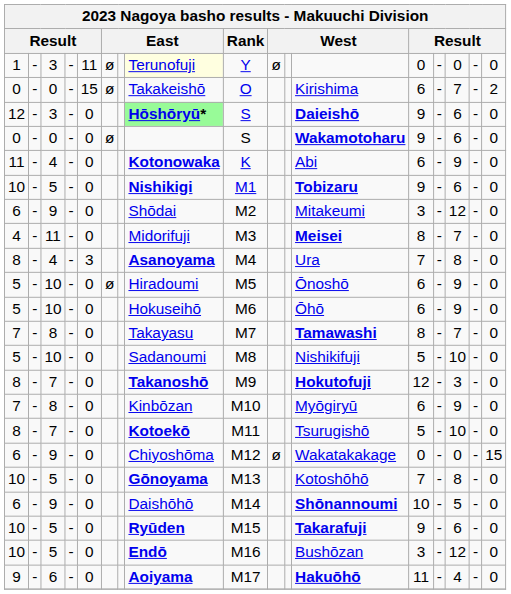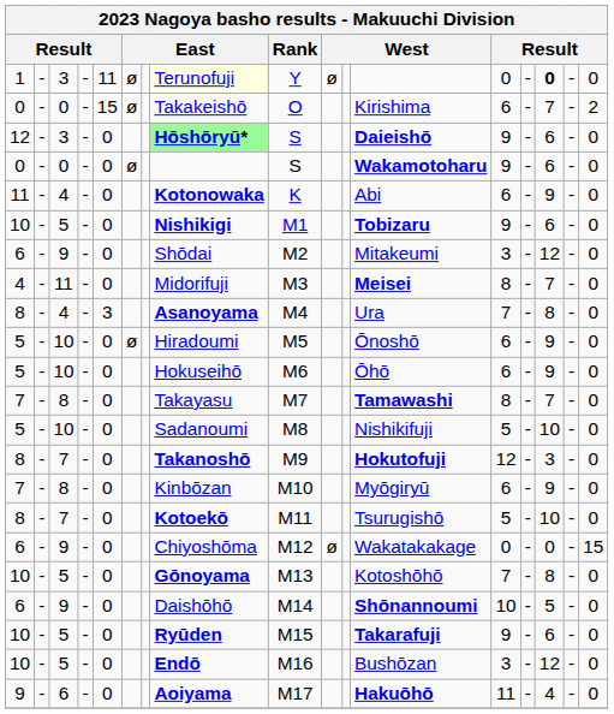 <table class="wikitable" style="text-align:center">
 <tr>
 <th colspan="17">2023 Nagoya basho results - Makuuchi Division</th>
 </tr>
 <tr>
 <th colspan="5">Result</th>
 <th colspan="3">East</th>
 <th>Rank</th>
 <th colspan="3">West</th>
 <th colspan="5">Result</th>
 </tr>
 <tr>
 <td>1</td>
 <td>-</td>
 <td>3</td>
 <td>-</td>
 <td>11</td>
 <td>ø</td>
 <td></td>
 <td style="background: lightyellow; text-align:left;"><a href='#'>Terunofuji</a></td>
 <td><a href='#'>Y</a></td>
 <td>ø</td>
 <td></td>
 <td></td>
 <td>0</td>
 <td>-</td>
-<td>0</td>
+<td><strong>0</strong></td>
 <td>-</td>
 <td>0</td>
 </tr>
 <tr>
 <td>0</td>
 <td>-</td>
 <td>0</td>
 <td>-</td>
 <td>15</td>
 <td>ø</td>
 <td></td>
 <td style="text-align:left;"><a href='#'>Takakeishō</a></td>
 <td><a href='#'>O</a></td>
 <td></td>
 <td></td>
 <td style="text-align:left;"><a href='#'>Kirishima</a></td>
 <td>6</td>
 <td>-</td>
 <td>7</td>
 <td>-</td>
 <td>2</td>
 </tr>
 <tr>
 <td>12</td>
 <td>-</td>
 <td>3</td>
 <td>-</td>
 <td>0</td>
 <td></td>
 <td></td>
 <td style="text-align:left;background: PaleGreen"><strong><a href='#'>Hōshōryū</a>*</strong></td>
 <td><a href='#'>S</a></td>
 <td></td>
 <td></td>
 <td style="text-align:left;"><strong><a href='#'>Daieishō</a></strong></td>
 <td>9</td>
 <td>-</td>
 <td>6</td>
 <td>-</td>
 <td>0</td>
 </tr>
 <tr>
 <td>0</td>
 <td>-</td>
 <td>0</td>
 <td>-</td>
 <td>0</td>
 <td>ø</td>
 <td></td>
 <td></td>
 <td>S</td>
 <td></td>
 <td></td>
 <td style="text-align:left;"><strong><a href='#'>Wakamotoharu</a></strong></td>
 <td>9</td>
 <td>-</td>
 <td>6</td>
 <td>-</td>
 <td>0</td>
 </tr>
 <tr>
 <td>11</td>
 <td>-</td>
 <td>4</td>
 <td>-</td>
 <td>0</td>
 <td></td>
 <td></td>
 <td style="text-align:left;"><strong><a href='#'>Kotonowaka</a></strong></td>
 <td><a href='#'>K</a></td>
 <td></td>
 <td></td>
 <td style="text-align:left;"><a href='#'>Abi</a></td>
 <td>6</td>
 <td>-</td>
 <td>9</td>
 <td>-</td>
 <td>0</td>
 </tr>
 <tr>
 <td>10</td>
 <td>-</td>
 <td>5</td>
 <td>-</td>
 <td>0</td>
 <td></td>
 <td></td>
 <td style="text-align:left;"><strong><a href='#'>Nishikigi</a></strong></td>
 <td><a href='#'>M1</a></td>
 <td></td>
 <td></td>
 <td style="text-align:left;"><strong><a href='#'>Tobizaru</a></strong></td>
 <td>9</td>
 <td>-</td>
 <td>6</td>
 <td>-</td>
 <td>0</td>
 </tr>
 <tr>
 <td>6</td>
 <td>-</td>
 <td>9</td>
 <td>-</td>
 <td>0</td>
 <td></td>
 <td></td>
 <td style="text-align:left;"><a href='#'>Shōdai</a></td>
 <td>M2</td>
 <td></td>
 <td></td>
 <td style="text-align:left;"><a href='#'>Mitakeumi</a></td>
 <td>3</td>
 <td>-</td>
 <td>12</td>
 <td>-</td>
 <td>0</td>
 </tr>
 <tr>
 <td>4</td>
 <td>-</td>
 <td>11</td>
 <td>-</td>
 <td>0</td>
 <td></td>
 <td></td>
 <td style="text-align:left;"><a href='#'>Midorifuji</a></td>
 <td>M3</td>
 <td></td>
 <td></td>
 <td style="text-align:left;"><strong><a href='#'>Meisei</a></strong></td>
 <td>8</td>
 <td>-</td>
 <td>7</td>
 <td>-</td>
 <td>0</td>
 </tr>
 <tr>
 <td>8</td>
 <td>-</td>
 <td>4</td>
 <td>-</td>
 <td>3</td>
 <td></td>
 <td></td>
 <td style="text-align:left;"><strong><a href='#'>Asanoyama</a></strong></td>
 <td>M4</td>
 <td></td>
 <td></td>
 <td style="text-align:left;"><a href='#'>Ura</a></td>
 <td>7</td>
 <td>-</td>
 <td>8</td>
 <td>-</td>
 <td>0</td>
 </tr>
 <tr>
 <td>5</td>
 <td>-</td>
 <td>10</td>
 <td>-</td>
 <td>0</td>
 <td>ø</td>
 <td></td>
 <td style="text-align:left;"><a href='#'>Hiradoumi</a></td>
 <td>M5</td>
 <td></td>
 <td></td>
 <td style="text-align:left;"><a href='#'>Ōnoshō</a></td>
 <td>6</td>
 <td>-</td>
 <td>9</td>
 <td>-</td>
 <td>0</td>
 </tr>
 <tr>
 <td>5</td>
 <td>-</td>
 <td>10</td>
 <td>-</td>
 <td>0</td>
 <td></td>
 <td></td>
 <td style="text-align:left;"><a href='#'>Hokuseihō</a></td>
 <td>M6</td>
 <td></td>
 <td></td>
 <td style="text-align:left;"><a href='#'>Ōhō</a></td>
 <td>6</td>
 <td>-</td>
 <td>9</td>
 <td>-</td>
 <td>0</td>
 </tr>
 <tr>
 <td>7</td>
 <td>-</td>
 <td>8</td>
 <td>-</td>
 <td>0</td>
 <td></td>
 <td></td>
 <td style="text-align:left;"><a href='#'>Takayasu</a></td>
 <td>M7</td>
 <td></td>
 <td></td>
 <td style="text-align:left;"><strong><a href='#'>Tamawashi</a></strong></td>
 <td>8</td>
 <td>-</td>
 <td>7</td>
 <td>-</td>
 <td>0</td>
 </tr>
 <tr>
 <td>5</td>
 <td>-</td>
 <td>10</td>
 <td>-</td>
 <td>0</td>
 <td></td>
 <td></td>
 <td style="text-align:left;"><a href='#'>Sadanoumi</a></td>
 <td>M8</td>
 <td></td>
 <td></td>
 <td style="text-align:left;"><a href='#'>Nishikifuji</a></td>
 <td>5</td>
 <td>-</td>
 <td>10</td>
 <td>-</td>
 <td>0</td>
 </tr>
 <tr>
 <td>8</td>
 <td>-</td>
 <td>7</td>
 <td>-</td>
 <td>0</td>
 <td></td>
 <td></td>
 <td style="text-align:left;"><strong><a href='#'>Takanoshō</a></strong></td>
 <td>M9</td>
 <td></td>
 <td></td>
 <td style="text-align:left;"><strong><a href='#'>Hokutofuji</a></strong></td>
 <td>12</td>
 <td>-</td>
 <td>3</td>
 <td>-</td>
 <td>0</td>
 </tr>
 <tr>
 <td>7</td>
 <td>-</td>
 <td>8</td>
 <td>-</td>
 <td>0</td>
 <td></td>
 <td></td>
 <td style="text-align:left;"><a href='#'>Kinbōzan</a></td>
 <td>M10</td>
 <td></td>
 <td></td>
 <td style="text-align:left;"><a href='#'>Myōgiryū</a></td>
 <td>6</td>
 <td>-</td>
 <td>9</td>
 <td>-</td>
 <td>0</td>
 </tr>
 <tr>
 <td>8</td>
 <td>-</td>
 <td>7</td>
 <td>-</td>
 <td>0</td>
 <td></td>
 <td></td>
 <td style="text-align:left;"><strong><a href='#'>Kotoekō</a></strong></td>
 <td>M11</td>
 <td></td>
 <td></td>
 <td style="text-align:left;"><a href='#'>Tsurugishō</a></td>
 <td>5</td>
 <td>-</td>
 <td>10</td>
 <td>-</td>
 <td>0</td>
 </tr>
 <tr>
 <td>6</td>
 <td>-</td>
 <td>9</td>
 <td>-</td>
 <td>0</td>
 <td></td>
 <td></td>
 <td style="text-align:left;"><a href='#'>Chiyoshōma</a></td>
 <td>M12</td>
 <td>ø</td>
 <td></td>
 <td style="text-align:left;"><a href='#'>Wakatakakage</a></td>
 <td>0</td>
 <td>-</td>
 <td>0</td>
 <td>-</td>
 <td>15</td>
 </tr>
 <tr>
 <td>10</td>
 <td>-</td>
 <td>5</td>
 <td>-</td>
 <td>0</td>
 <td></td>
 <td></td>
 <td style="text-align:left;"><strong><a href='#'>Gōnoyama</a></strong></td>
 <td>M13</td>
 <td></td>
 <td></td>
 <td style="text-align:left;"><a href='#'>Kotoshōhō</a></td>
 <td>7</td>
 <td>-</td>
 <td>8</td>
 <td>-</td>
 <td>0</td>
 </tr>
 <tr>
 <td>6</td>
 <td>-</td>
 <td>9</td>
 <td>-</td>
 <td>0</td>
 <td></td>
 <td></td>
 <td style="text-align:left;"><a href='#'>Daishōhō</a></td>
 <td>M14</td>
 <td></td>
 <td></td>
 <td style="text-align:left;"><strong><a href='#'>Shōnannoumi</a></strong></td>
 <td>10</td>
 <td>-</td>
 <td>5</td>
 <td>-</td>
 <td>0</td>
 </tr>
 <tr>
 <td>10</td>
 <td>-</td>
 <td>5</td>
 <td>-</td>
 <td>0</td>
 <td></td>
 <td></td>
 <td style="text-align:left;"><strong><a href='#'>Ryūden</a></strong></td>
 <td>M15</td>
 <td></td>
 <td></td>
 <td style="text-align:left;"><strong><a href='#'>Takarafuji</a></strong></td>
 <td>9</td>
 <td>-</td>
 <td>6</td>
 <td>-</td>
 <td>0</td>
 </tr>
 <tr>
 <td>10</td>
 <td>-</td>
 <td>5</td>
 <td>-</td>
 <td>0</td>
 <td></td>
 <td></td>
 <td style="text-align:left;"><strong><a href='#'>Endō</a></strong></td>
 <td>M16</td>
 <td></td>
 <td></td>
 <td style="text-align:left;"><a href='#'>Bushōzan</a></td>
 <td>3</td>
 <td>-</td>
 <td>12</td>
 <td>-</td>
 <td>0</td>
 </tr>
 <tr>
 <td>9</td>
 <td>-</td>
 <td>6</td>
 <td>-</td>
 <td>0</td>
 <td></td>
 <td></td>
 <td style="text-align:left;"><strong><a href='#'>Aoiyama</a></strong></td>
 <td>M17</td>
 <td></td>
 <td></td>
 <td style="text-align:left;"><strong><a href='#'>Hakuōhō</a></strong></td>
 <td>11</td>
 <td>-</td>
 <td>4</td>
 <td>-</td>
 <td>0</td>
 </tr>
 <tr>
 </tr>
 </table>
